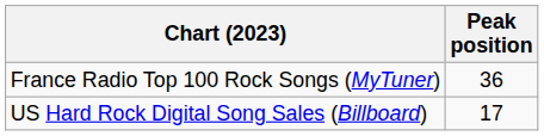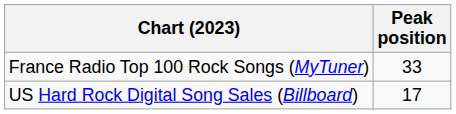 <table class="wikitable">
 <tr>
 <th>Chart (2023)</th>
 <th>Peak<br>position</th>
 </tr>
 <tr>
 <td>France Radio Top 100 Rock Songs (<a href='#'><em>MyTuner</em></a>)</td>
-<td align="center">36</td>
+<td align="center">33</td>
 </tr>
 <tr>
 <td>US <a href='#'>Hard Rock Digital Song Sales</a> (<a href='#'><em>Billboard</em></a>)</td>
 <td align="center">17</td>
 </tr>
 </table>
